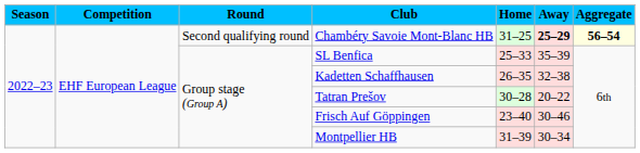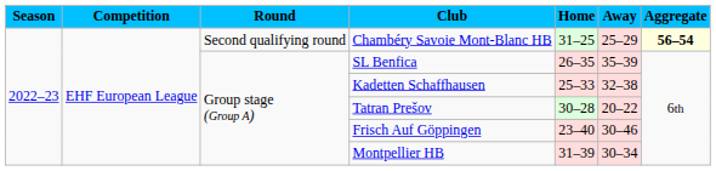 <table class="wikitable" style="text-align: left">
 <tr>
 <th style="color:black; background:#00BFFF">Season</th>
 <th style="color:black; background:#00BFFF">Competition</th>
 <th style="color:black; background:#00BFFF">Round</th>
 <th style="color:black; background:#00BFFF">Club</th>
 <th style="color:black; background:#00BFFF">Home</th>
 <th style="color:black; background:#00BFFF">Away</th>
 <th style="color:black; background:#00BFFF">Aggregate</th>
 </tr>
 <tr>
 <td rowspan=6><a href='#'>2022–23</a></td>
 <td rowspan=6><a href='#'>EHF European League</a></td>
 <td>Second qualifying round</td>
 <td> <a href='#'>Chambéry Savoie Mont-Blanc HB</a></td>
 <td style="text-align:center; background:#dfd;">31–25</td>
-<td style="text-align:center; background:#fdd;"><strong>25–29</strong></td>
+<td style="text-align:center; background:#fdd;">25–29</td>
 <td style="background: lightyellow; text-align:center;"><strong>56–54</strong></td>
 </tr>
 <tr>
 <td rowspan="5">Group stage<br><em>(<small>Group A</small>)</em></td>
 <td> <a href='#'>SL Benfica</a></td>
-<td style="text-align:center; background:#fdd;">25–33</td>
+<td style="text-align:center; background:#fdd;">26–35</td>
 <td style="text-align:center; background:#fdd;">35–39</td>
 <td align=center rowspan=5>6<small>th</small></td>
 </tr>
 <tr>
 <td> <a href='#'>Kadetten Schaffhausen</a></td>
-<td style="text-align:center; background:#fdd;">26–35</td>
+<td style="text-align:center; background:#fdd;">25–33</td>
 <td style="text-align:center; background:#fdd;">32–38</td>
 </tr>
 <tr>
 <td> <a href='#'>Tatran Prešov</a></td>
 <td style="text-align:center; background:#dfd;">30–28</td>
 <td style="text-align:center; background:#fdd;">20–22</td>
 </tr>
 <tr>
 <td> <a href='#'>Frisch Auf Göppingen</a></td>
 <td style="text-align:center; background:#fdd;">23–40</td>
 <td style="text-align:center; background:#fdd;">30–46</td>
 </tr>
 <tr>
 <td> <a href='#'>Montpellier HB</a></td>
 <td style="text-align:center; background:#fdd;">31–39</td>
 <td style="text-align:center; background:#fdd;">30–34</td>
 </tr>
 </table>
